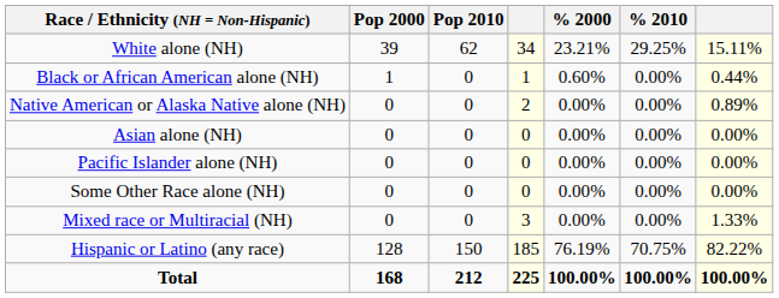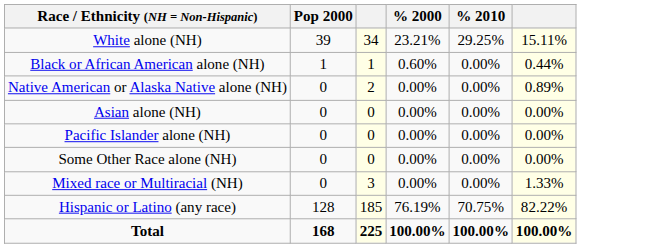 <table class="wikitable" style="text-align:center;">
 <tr>
 <th>Race / Ethnicity <small>(<em>NH = Non-Hispanic</em>)</small></th>
 <th>Pop 2000</th>
-<th>Pop 2010</th>
 <th></th>
 <th>% 2000</th>
 <th>% 2010</th>
 <th></th>
 </tr>
 <tr>
 <td><a href='#'>White</a> alone (NH)</td>
 <td>39</td>
-<td>62</td>
 <td style='background: #ffffe6;'>34</td>
 <td>23.21%</td>
 <td>29.25%</td>
 <td style='background: #ffffe6;'>15.11%</td>
 </tr>
 <tr>
 <td><a href='#'>Black or African American</a> alone (NH)</td>
 <td>1</td>
-<td>0</td>
 <td style='background: #ffffe6;'>1</td>
 <td>0.60%</td>
 <td>0.00%</td>
 <td style='background: #ffffe6;'>0.44%</td>
 </tr>
 <tr>
 <td><a href='#'>Native American</a> or <a href='#'>Alaska Native</a> alone (NH)</td>
-<td>0</td>
 <td>0</td>
 <td style='background: #ffffe6;'>2</td>
 <td>0.00%</td>
 <td>0.00%</td>
 <td style='background: #ffffe6;'>0.89%</td>
 </tr>
 <tr>
 <td><a href='#'>Asian</a> alone (NH)</td>
 <td>0</td>
-<td>0</td>
 <td style='background: #ffffe6;'>0</td>
 <td>0.00%</td>
 <td>0.00%</td>
 <td style='background: #ffffe6;'>0.00%</td>
 </tr>
 <tr>
 <td><a href='#'>Pacific Islander</a> alone (NH)</td>
-<td>0</td>
 <td>0</td>
 <td style='background: #ffffe6;'>0</td>
 <td>0.00%</td>
 <td>0.00%</td>
 <td style='background: #ffffe6;'>0.00%</td>
 </tr>
 <tr>
 <td>Some Other Race alone (NH)</td>
 <td>0</td>
-<td>0</td>
 <td style='background: #ffffe6;'>0</td>
 <td>0.00%</td>
 <td>0.00%</td>
 <td style='background: #ffffe6;'>0.00%</td>
 </tr>
 <tr>
 <td><a href='#'>Mixed race or Multiracial</a> (NH)</td>
-<td>0</td>
 <td>0</td>
 <td style='background: #ffffe6;'>3</td>
 <td>0.00%</td>
 <td>0.00%</td>
 <td style='background: #ffffe6;'>1.33%</td>
 </tr>
 <tr>
 <td><a href='#'>Hispanic or Latino</a> (any race)</td>
 <td>128</td>
-<td>150</td>
 <td style='background: #ffffe6;'>185</td>
 <td>76.19%</td>
 <td>70.75%</td>
 <td style='background: #ffffe6;'>82.22%</td>
 </tr>
 <tr>
 <td><strong>Total</strong></td>
 <td><strong>168</strong></td>
-<td><strong>212</strong></td>
 <td style='background: #ffffe6;'><strong>225</strong></td>
 <td><strong>100.00%</strong></td>
 <td><strong>100.00%</strong></td>
 <td style='background: #ffffe6;'><strong>100.00%</strong></td>
 </tr>
 </table>
